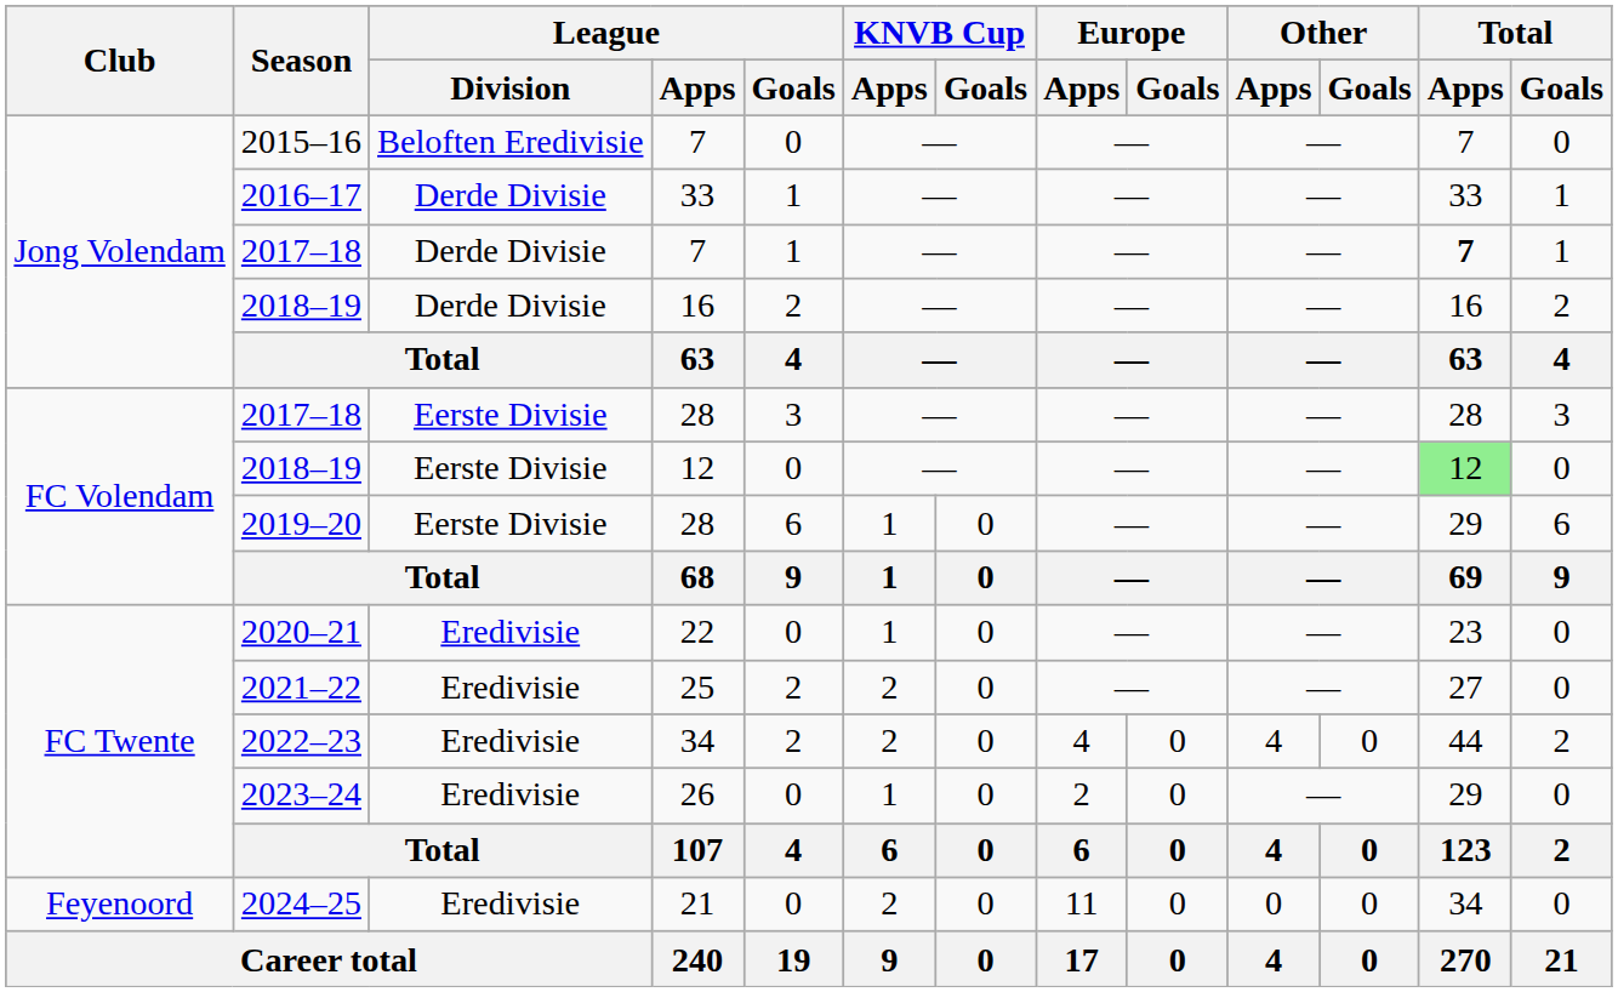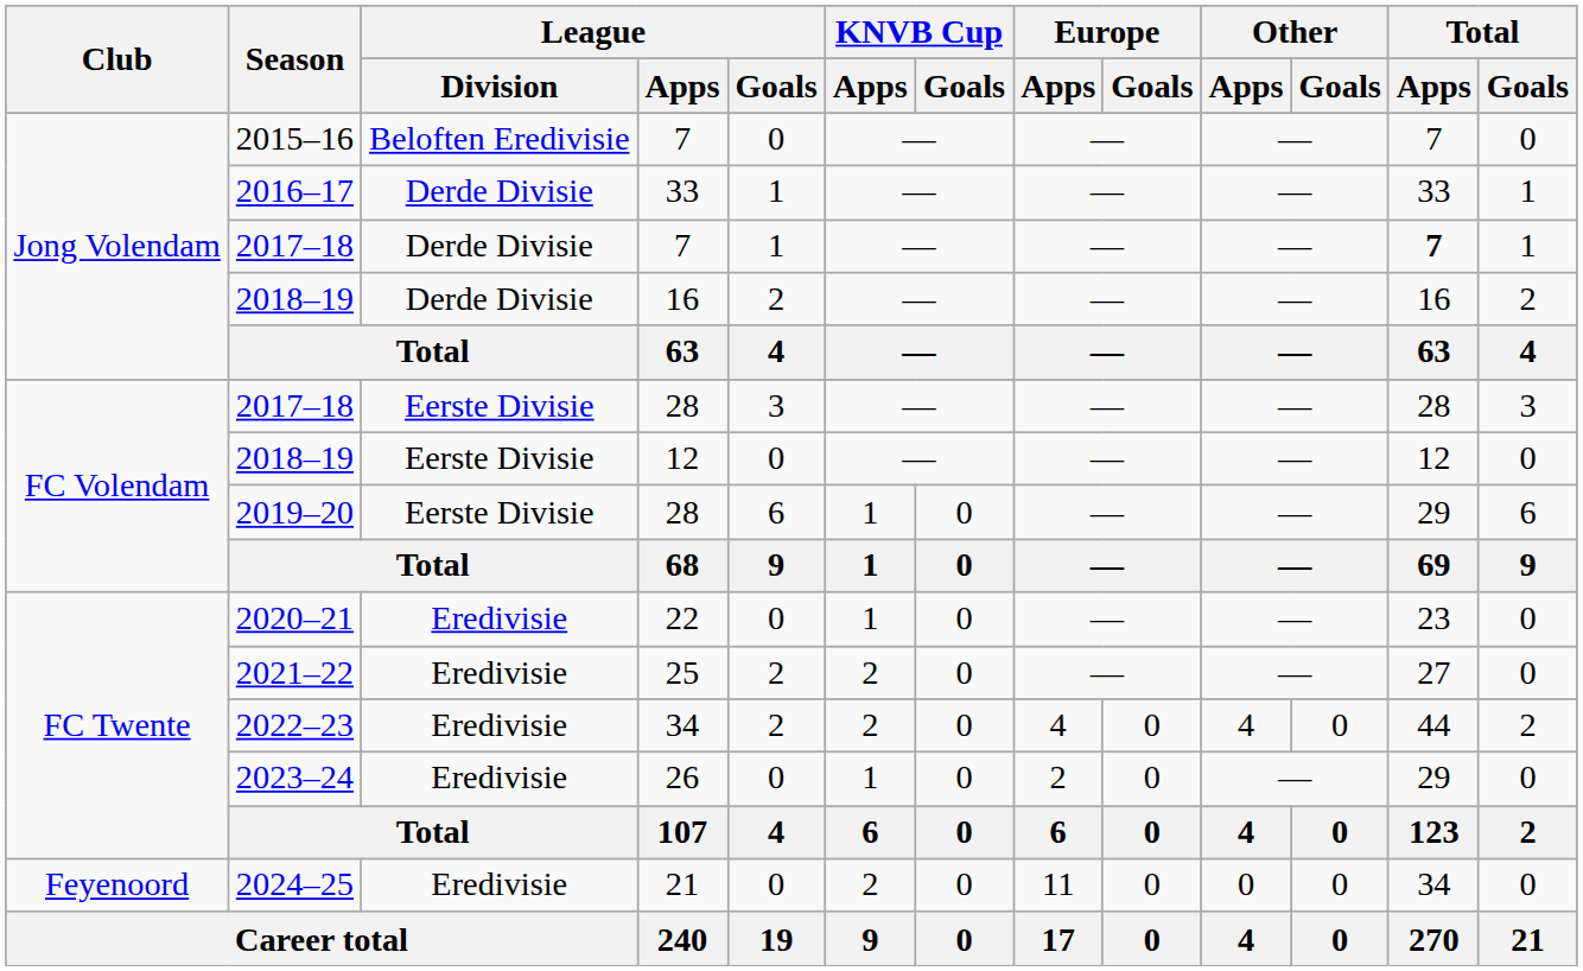 <table class="wikitable" style="text-align:center">
 <tr>
 <th rowspan="2">Club</th>
 <th rowspan="2">Season</th>
 <th colspan="3">League</th>
 <th colspan="2"><a href='#'>KNVB Cup</a></th>
 <th colspan="2">Europe</th>
 <th colspan="2">Other</th>
 <th colspan="2">Total</th>
 </tr>
 <tr>
 <th>Division</th>
 <th>Apps</th>
 <th>Goals</th>
 <th>Apps</th>
 <th>Goals</th>
 <th>Apps</th>
 <th>Goals</th>
 <th>Apps</th>
 <th>Goals</th>
 <th>Apps</th>
 <th>Goals</th>
 </tr>
 <tr>
 <td rowspan="5"><a href='#'>Jong Volendam</a></td>
 <td>2015–16</td>
 <td><a href='#'>Beloften Eredivisie</a></td>
 <td>7</td>
 <td>0</td>
 <td colspan="2">—</td>
 <td colspan="2">—</td>
 <td colspan="2">—</td>
 <td>7</td>
 <td>0</td>
 </tr>
 <tr>
 <td><a href='#'>2016–17</a></td>
 <td><a href='#'>Derde Divisie</a></td>
 <td>33</td>
 <td>1</td>
 <td colspan="2">—</td>
 <td colspan="2">—</td>
 <td colspan="2">—</td>
 <td>33</td>
 <td>1</td>
 </tr>
 <tr>
 <td><a href='#'>2017–18</a></td>
 <td>Derde Divisie</td>
 <td>7</td>
 <td>1</td>
 <td colspan="2">—</td>
 <td colspan="2">—</td>
 <td colspan="2">—</td>
 <td><strong>7</strong></td>
 <td>1</td>
 </tr>
 <tr>
 <td><a href='#'>2018–19</a></td>
 <td>Derde Divisie</td>
 <td>16</td>
 <td>2</td>
 <td colspan="2">—</td>
 <td colspan="2">—</td>
 <td colspan="2">—</td>
 <td>16</td>
 <td>2</td>
 </tr>
 <tr>
 <th colspan="2">Total</th>
 <th>63</th>
 <th>4</th>
 <th colspan="2">—</th>
 <th colspan="2">—</th>
 <th colspan="2">—</th>
 <th>63</th>
 <th>4</th>
 </tr>
 <tr>
 <td rowspan="4"><a href='#'>FC Volendam</a></td>
 <td><a href='#'>2017–18</a></td>
 <td><a href='#'>Eerste Divisie</a></td>
 <td>28</td>
 <td>3</td>
 <td colspan="2">—</td>
 <td colspan="2">—</td>
 <td colspan="2">—</td>
 <td>28</td>
 <td>3</td>
 </tr>
 <tr>
 <td><a href='#'>2018–19</a></td>
 <td>Eerste Divisie</td>
 <td>12</td>
 <td>0</td>
 <td colspan="2">—</td>
 <td colspan="2">—</td>
 <td colspan="2">—</td>
-<td style="background: lightgreen;">12</td>
+<td>12</td>
 <td>0</td>
 </tr>
 <tr>
 <td><a href='#'>2019–20</a></td>
 <td>Eerste Divisie</td>
 <td>28</td>
 <td>6</td>
 <td>1</td>
 <td>0</td>
 <td colspan="2">—</td>
 <td colspan="2">—</td>
 <td>29</td>
 <td>6</td>
 </tr>
 <tr>
 <th colspan="2">Total</th>
 <th>68</th>
 <th>9</th>
 <th>1</th>
 <th>0</th>
 <th colspan="2">—</th>
 <th colspan="2">—</th>
 <th>69</th>
 <th>9</th>
 </tr>
 <tr>
 <td rowspan="5"><a href='#'>FC Twente</a></td>
 <td><a href='#'>2020–21</a></td>
 <td><a href='#'>Eredivisie</a></td>
 <td>22</td>
 <td>0</td>
 <td>1</td>
 <td>0</td>
 <td colspan="2">—</td>
 <td colspan="2">—</td>
 <td>23</td>
 <td>0</td>
 </tr>
 <tr>
 <td><a href='#'>2021–22</a></td>
 <td>Eredivisie</td>
 <td>25</td>
 <td>2</td>
 <td>2</td>
 <td>0</td>
 <td colspan="2">—</td>
 <td colspan="2">—</td>
 <td>27</td>
 <td>0</td>
 </tr>
 <tr>
 <td><a href='#'>2022–23</a></td>
 <td>Eredivisie</td>
 <td>34</td>
 <td>2</td>
 <td>2</td>
 <td>0</td>
 <td>4</td>
 <td>0</td>
 <td>4</td>
 <td>0</td>
 <td>44</td>
 <td>2</td>
 </tr>
 <tr>
 <td><a href='#'>2023–24</a></td>
 <td>Eredivisie</td>
 <td>26</td>
 <td>0</td>
 <td>1</td>
 <td>0</td>
 <td>2</td>
 <td>0</td>
 <td colspan="2">—</td>
 <td>29</td>
 <td>0</td>
 </tr>
 <tr>
 <th colspan="2">Total</th>
 <th>107</th>
 <th>4</th>
 <th>6</th>
 <th>0</th>
 <th>6</th>
 <th>0</th>
 <th>4</th>
 <th>0</th>
 <th>123</th>
 <th>2</th>
 </tr>
 <tr>
 <td><a href='#'>Feyenoord</a></td>
 <td><a href='#'>2024–25</a></td>
 <td>Eredivisie</td>
 <td>21</td>
 <td>0</td>
 <td>2</td>
 <td>0</td>
 <td>11</td>
 <td>0</td>
 <td>0</td>
 <td>0</td>
 <td>34</td>
 <td>0</td>
 </tr>
 <tr>
 <th colspan="3">Career total</th>
 <th>240</th>
 <th>19</th>
 <th>9</th>
 <th>0</th>
 <th>17</th>
 <th>0</th>
 <th>4</th>
 <th>0</th>
 <th>270</th>
 <th>21</th>
 </tr>
 </table>
